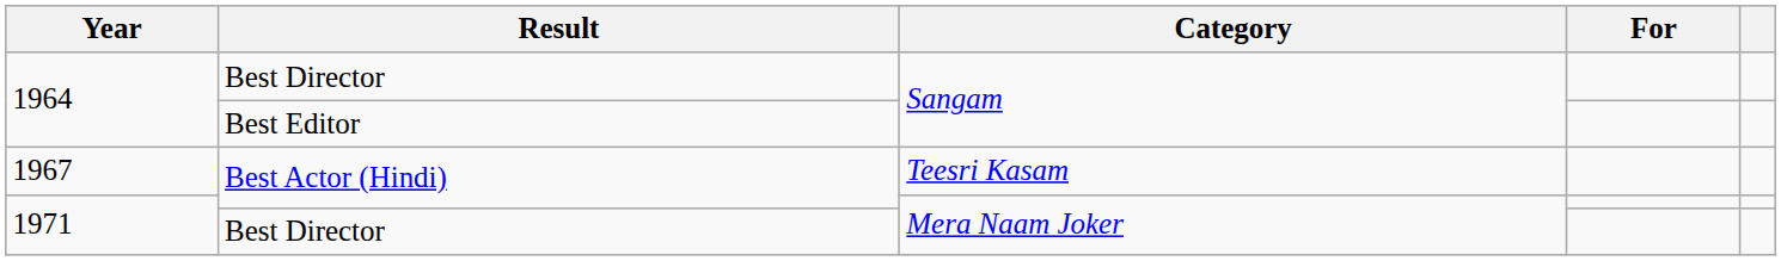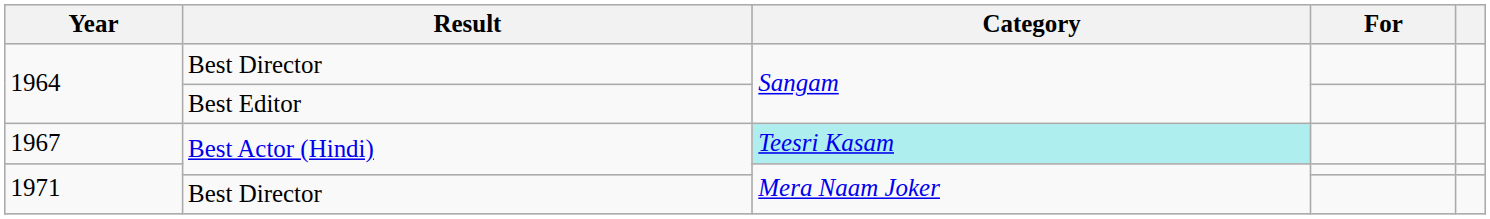 <table class="wikitable sortable plainrowheaders" style="width:60%;">
 <tr>
 <th scope="col">Year</th>
 <th scope="col">Result</th>
 <th scope="col">Category</th>
 <th scope="col">For</th>
 <th scope="col" class="unsortable" style="width:2%;"></th>
 </tr>
 <tr>
 <td rowspan="2">1964</td>
 <td>Best Director</td>
 <td rowspan="2"><em><a href='#'>Sangam</a></em></td>
 <td></td>
 <td></td>
 </tr>
 <tr>
 <td>Best Editor</td>
 <td></td>
 <td></td>
 </tr>
 <tr>
 <td>1967</td>
 <td rowspan="2"><a href='#'>Best Actor (Hindi)</a></td>
-<td><em><a href='#'>Teesri Kasam</a></em></td>
+<td style="background: paleturquoise;"><em><a href='#'>Teesri Kasam</a></em></td>
 <td></td>
 <td><br></td>
 </tr>
 <tr>
 <td rowspan="2">1971</td>
 <td rowspan="2"><em><a href='#'>Mera Naam Joker</a></em></td>
 <td></td>
 <td></td>
 </tr>
 <tr>
 <td>Best Director</td>
 <td></td>
 <td></td>
 </tr>
 </table>
